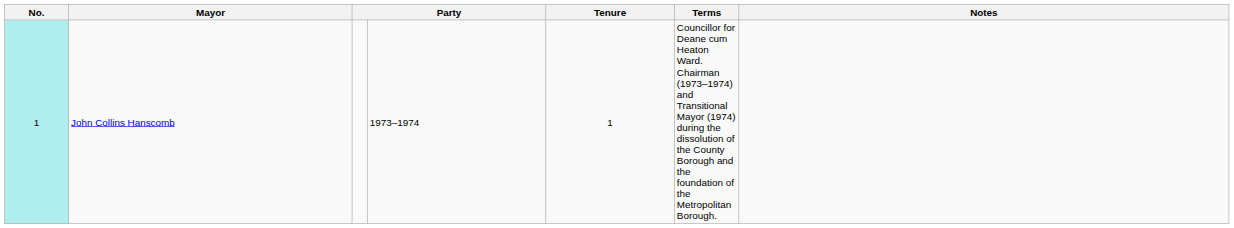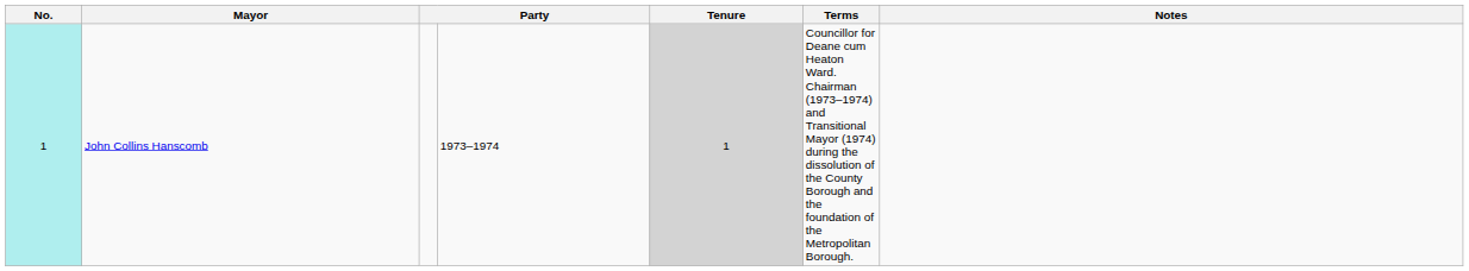 <table class="wikitable"  style="font-size:95%; width: 95%;" border="1" cellpadding="1">
 <tr>
 <th width="5%">No.</th>
 <th width ="22%">Mayor</th>
 <th width="15%" colspan="2">Party</th>
 <th width="10%">Tenure</th>
 <th width="5%">Terms</th>
 <th width="38%">Notes</th>
 </tr>
 <tr>
 <td align=center style="background: paleturquoise;">1</td>
 <td><a href='#'>John Collins Hanscomb</a></td>
 <td></td>
 <td>1973–1974</td>
-<td align=center>1</td>
+<td align=center style="background: lightgrey;">1</td>
 <td>Councillor for Deane cum Heaton Ward. Chairman (1973–1974) and Transitional Mayor (1974) during the dissolution of the County Borough and the foundation of the Metropolitan Borough.</td>
 </tr>
 </table>
